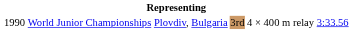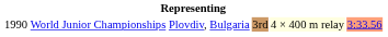 <table>
 <tr>
 <th colspan="6">Representing </th>
 </tr>
 <tr>
 <td rowspan=3>1990</td>
 <td rowspan=2><a href='#'>World Junior Championships</a></td>
 <td rowspan=2><a href='#'>Plovdiv</a>, <a href='#'>Bulgaria</a></td>
 <td bgcolor="cc9966">3rd</td>
-<td>4 × 400 m relay</td>
-<td><a href='#'>3:33.56</a></td>
+<td style="background: lightyellow;">4 × 400 m relay</td>
+<td style="background: lightsalmon;"><a href='#'>3:33.56</a></td>
 </tr>
 <tr>
 </tr>
 </table>
